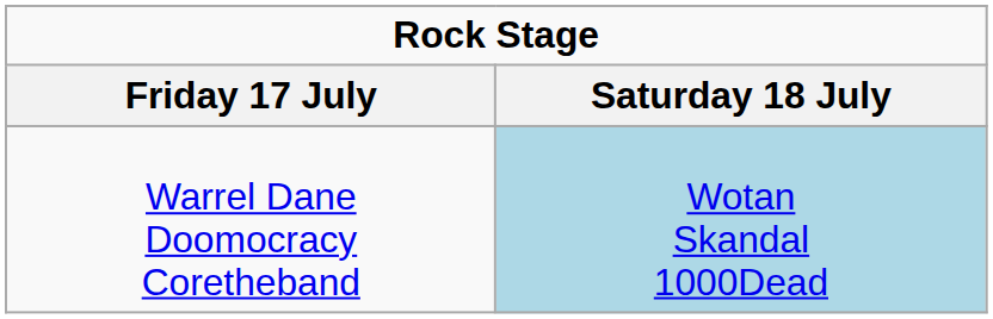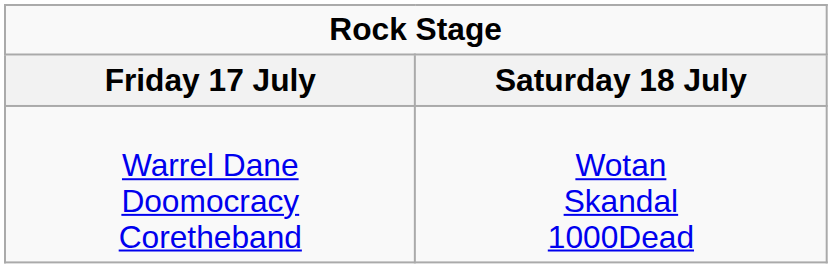 <table class="wikitable">
 <tr>
 <td colspan="2" align="center"><strong>Rock Stage</strong></td>
 </tr>
 <tr>
 <th>Friday 17 July</th>
 <th>Saturday 18 July</th>
 </tr>
 <tr>
 <td valign="top" align="center" width=200><br><a href='#'>Warrel Dane</a> <br><a href='#'>Doomocracy</a> <br><a href='#'>Coretheband</a></td>
-<td valign="top" align="center" width=200 style="background: lightblue;"><br><a href='#'>Wotan</a> <br><a href='#'>Skandal</a> <br><a href='#'>1000Dead</a></td>
+<td valign="top" align="center" width=200><br><a href='#'>Wotan</a> <br><a href='#'>Skandal</a> <br><a href='#'>1000Dead</a></td>
 </tr>
 </table>
